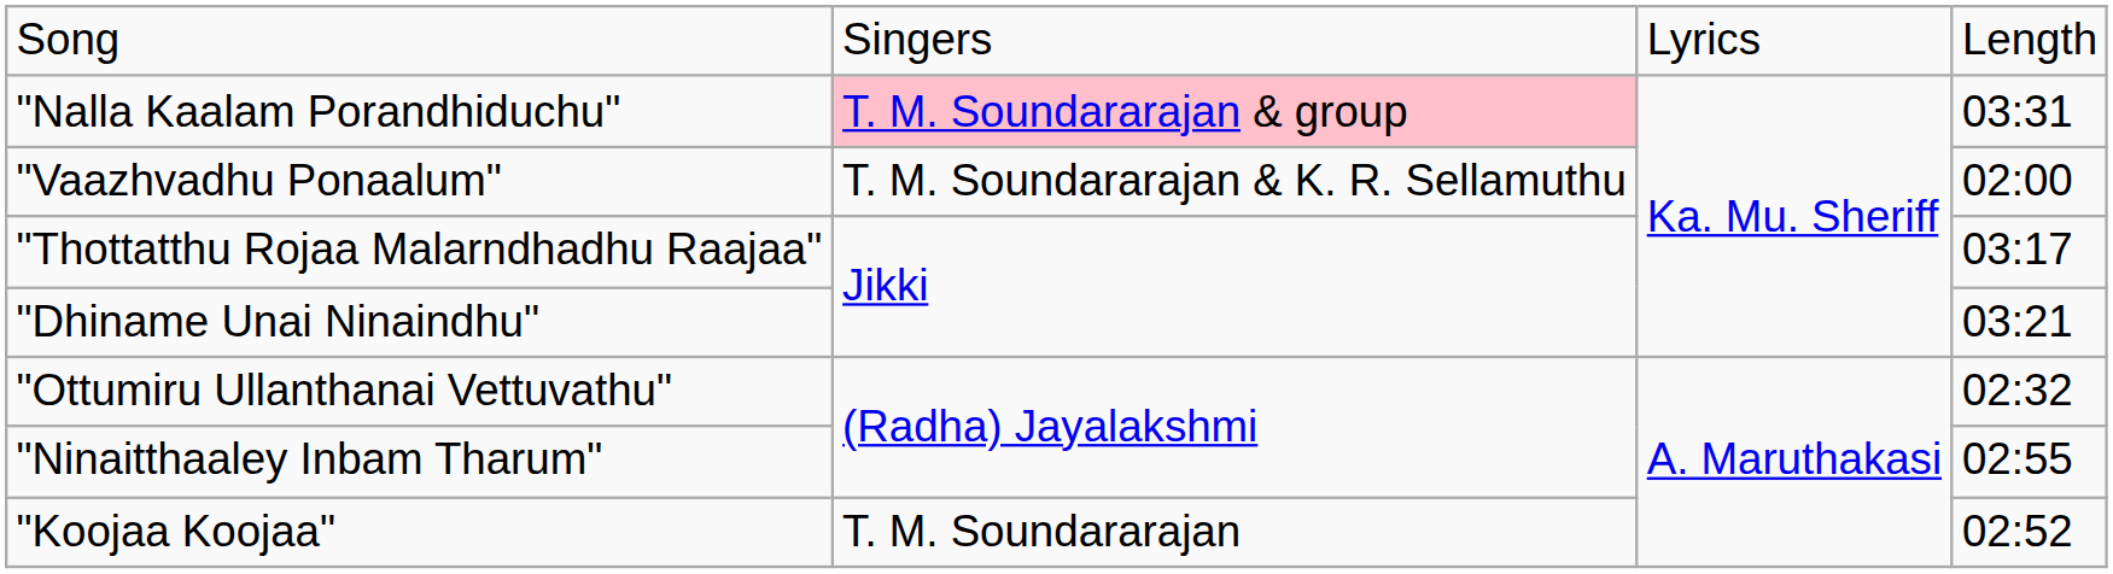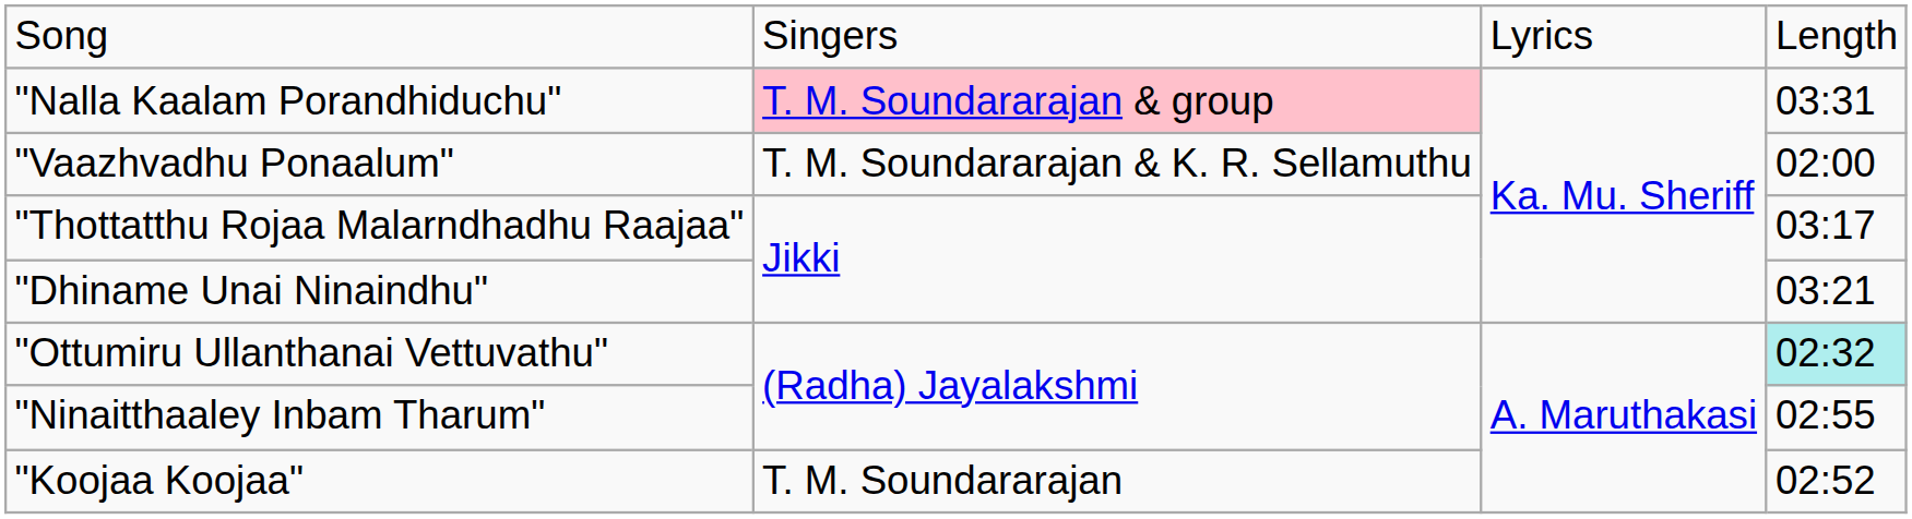 <table class="wikitable">
 <tr>
 <td>Song</td>
 <td>Singers</td>
 <td>Lyrics</td>
 <td>Length</td>
 </tr>
 <tr>
 <td>"Nalla Kaalam Porandhiduchu"</td>
 <td style="background: pink;"><a href='#'>T. M. Soundararajan</a> & group</td>
 <td rowspan=4><a href='#'>Ka. Mu. Sheriff</a></td>
 <td>03:31</td>
 </tr>
 <tr>
 <td>"Vaazhvadhu Ponaalum"</td>
 <td>T. M. Soundararajan & K. R. Sellamuthu</td>
 <td>02:00</td>
 </tr>
 <tr>
 <td>"Thottatthu Rojaa Malarndhadhu Raajaa"</td>
 <td rowspan=2><a href='#'>Jikki</a></td>
 <td>03:17</td>
 </tr>
 <tr>
 <td>"Dhiname Unai Ninaindhu"</td>
 <td>03:21</td>
 </tr>
 <tr>
 <td>"Ottumiru Ullanthanai Vettuvathu"</td>
 <td rowspan=2><a href='#'>(Radha) Jayalakshmi</a></td>
 <td rowspan=3><a href='#'>A. Maruthakasi</a></td>
-<td>02:32</td>
+<td style="background: paleturquoise;">02:32</td>
 </tr>
 <tr>
 <td>"Ninaitthaaley Inbam Tharum"</td>
 <td>02:55</td>
 </tr>
 <tr>
 <td>"Koojaa Koojaa"</td>
 <td>T. M. Soundararajan</td>
 <td>02:52</td>
 </tr>
 </table>
